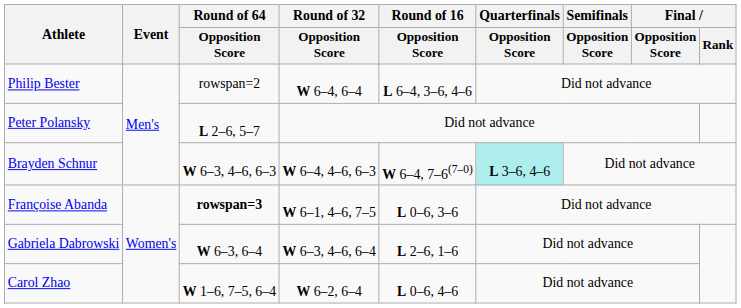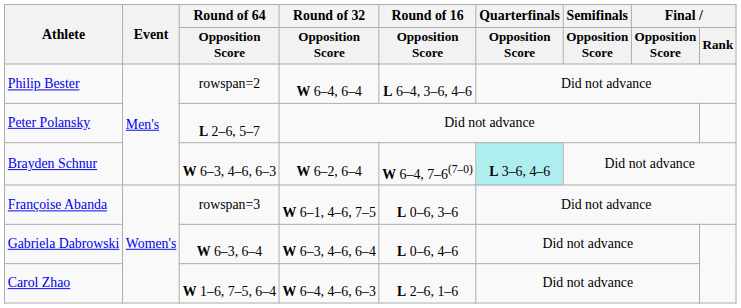 <table class=wikitable style="font-size:90%">
 <tr>
 <th rowspan=2>Athlete</th>
 <th rowspan=2>Event</th>
 <th>Round of 64</th>
 <th>Round of 32</th>
 <th>Round of 16</th>
 <th>Quarterfinals</th>
 <th>Semifinals</th>
 <th colspan=2>Final / </th>
 </tr>
 <tr style="font-size:95%">
 <th>Opposition<br>Score</th>
 <th>Opposition<br>Score</th>
 <th>Opposition<br>Score</th>
 <th>Opposition<br>Score</th>
 <th>Opposition<br>Score</th>
 <th>Opposition<br>Score</th>
 <th>Rank</th>
 </tr>
 <tr align=center>
 <td align=left><a href='#'>Philip Bester</a></td>
 <td rowspan=3 align=left><a href='#'>Men's</a></td>
 <td>rowspan=2 </td>
 <td><br><strong>W</strong> 6–4, 6–4</td>
 <td><br><strong>L</strong> 6–4, 3–6, 4–6</td>
 <td colspan=4>Did not advance</td>
 </tr>
 <tr align=center>
 <td align=left><a href='#'>Peter Polansky</a></td>
 <td><br><strong>L</strong> 2–6, 5–7</td>
 <td colspan=5>Did not advance</td>
 </tr>
 <tr align=center>
 <td align=left><a href='#'>Brayden Schnur</a></td>
 <td><br><strong>W</strong> 6–3, 4–6, 6–3</td>
-<td><br><strong>W</strong> 6–4, 4–6, 6–3</td>
+<td><br><strong>W</strong> 6–2, 6–4</td>
 <td><br><strong>W</strong> 6–4, 7–6<sup>(7–0)</sup></td>
 <td style="background: paleturquoise;"><br><strong>L</strong> 3–6, 4–6</td>
 <td colspan=4>Did not advance</td>
 </tr>
 <tr align=center>
 <td align=left><a href='#'>Françoise Abanda</a></td>
 <td rowspan=3 align=left><a href='#'>Women's</a></td>
-<td><strong>rowspan=3 </strong></td>
+<td>rowspan=3 </td>
 <td><br><strong>W</strong> 6–1, 4–6, 7–5</td>
 <td><br><strong>L</strong> 0–6, 3–6</td>
 <td colspan=4>Did not advance</td>
 </tr>
 <tr align=center>
 <td align=left><a href='#'>Gabriela Dabrowski</a></td>
 <td><br><strong>W</strong> 6–3, 6–4</td>
 <td><br><strong>W</strong> 6–3, 4–6, 6–4</td>
-<td><br><strong>L</strong> 2–6, 1–6</td>
+<td><br><strong>L</strong> 0–6, 4–6</td>
 <td colspan=3>Did not advance</td>
 </tr>
 <tr align=center>
 <td align=left><a href='#'>Carol Zhao</a></td>
 <td><br><strong>W</strong> 1–6, 7–5, 6–4</td>
-<td><br><strong>W</strong> 6–2, 6–4</td>
-<td><br><strong>L</strong> 0–6, 4–6</td>
+<td><br><strong>W</strong> 6–4, 4–6, 6–3</td>
+<td><br><strong>L</strong> 2–6, 1–6</td>
 <td colspan=3>Did not advance</td>
 </tr>
 </table>
